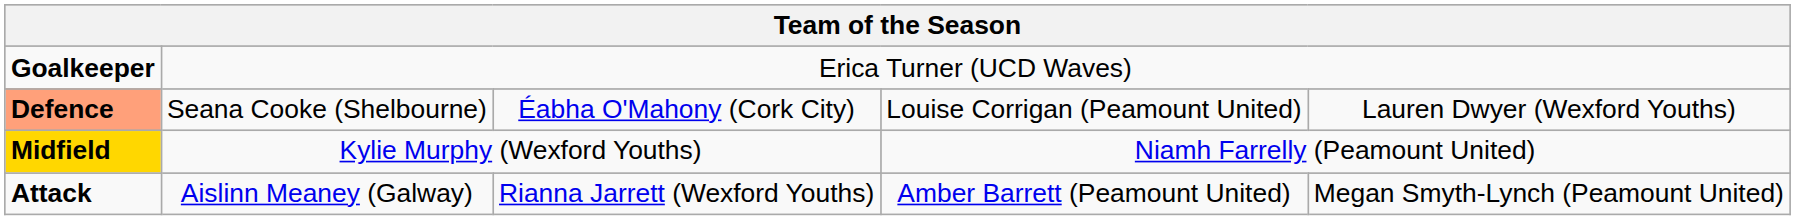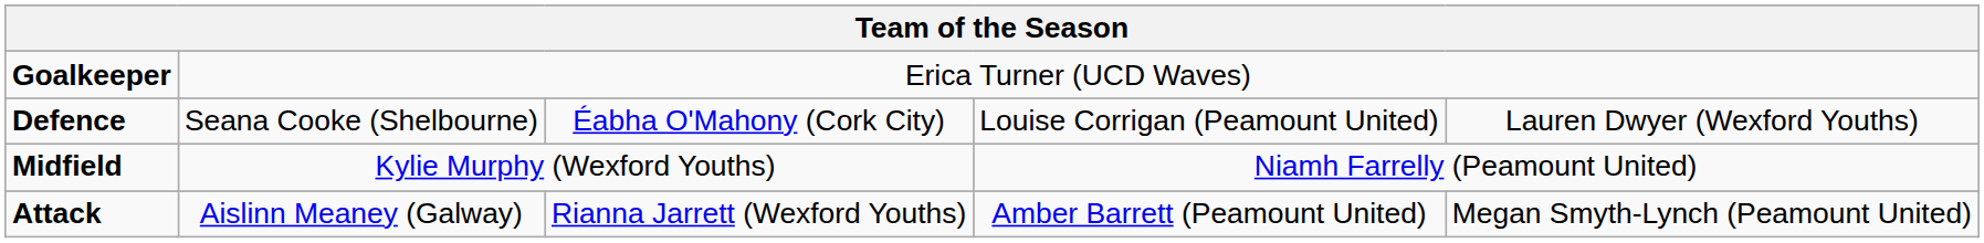 <table class="wikitable">
 <tr>
 <th colspan="13">Team of the Season</th>
 </tr>
 <tr>
 <td><strong>Goalkeeper</strong></td>
 <td colspan="12" align="center"> Erica Turner (UCD Waves)</td>
 </tr>
 <tr>
-<td style="background: lightsalmon;"><strong>Defence</strong></td>
+<td><strong>Defence</strong></td>
 <td colspan="2" align="center"> Seana Cooke (Shelbourne)</td>
 <td colspan="2" align="center"> <a href='#'>Éabha O'Mahony</a> (Cork City)</td>
 <td colspan="2" align="center"> Louise Corrigan (Peamount United)</td>
 <td colspan="2" align="center"> Lauren Dwyer (Wexford Youths)</td>
 </tr>
 <tr>
-<td style="background: gold;"><strong>Midfield</strong></td>
+<td><strong>Midfield</strong></td>
 <td colspan="4" align="center"> <a href='#'>Kylie Murphy</a> (Wexford Youths)</td>
 <td colspan="4" align="center"> <a href='#'>Niamh Farrelly</a> (Peamount United)</td>
 </tr>
 <tr>
 <td><strong>Attack</strong></td>
 <td colspan="2" align="center"> <a href='#'>Aislinn Meaney</a> (Galway)</td>
 <td colspan="2" align="center"> <a href='#'>Rianna Jarrett</a> (Wexford Youths)</td>
 <td colspan="2" align="center"> <a href='#'>Amber Barrett</a> (Peamount United)</td>
 <td colspan="2" align="center"> Megan Smyth-Lynch (Peamount United)</td>
 </tr>
 </table>
